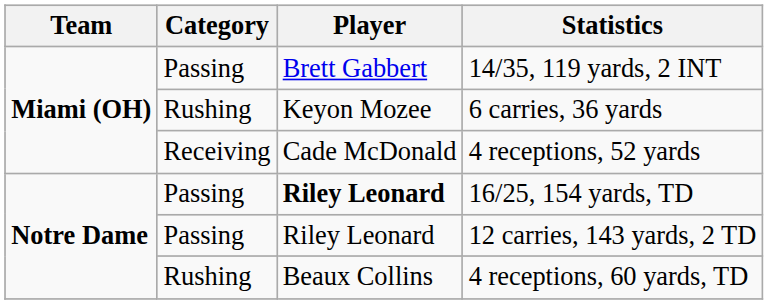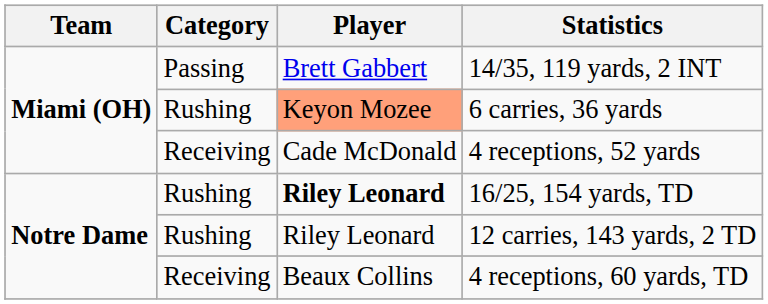 <table class="wikitable" style="float: right;">
 <tr>
 <th>Team</th>
 <th>Category</th>
 <th>Player</th>
 <th>Statistics</th>
 </tr>
 <tr>
 <td rowspan=3><strong>Miami (OH)</strong></td>
 <td>Passing</td>
 <td><a href='#'>Brett Gabbert</a></td>
 <td>14/35, 119 yards, 2 INT</td>
 </tr>
 <tr>
 <td>Rushing</td>
-<td>Keyon Mozee</td>
+<td style="background: lightsalmon;">Keyon Mozee</td>
 <td>6 carries, 36 yards</td>
 </tr>
 <tr>
 <td>Receiving</td>
 <td>Cade McDonald</td>
 <td>4 receptions, 52 yards</td>
 </tr>
 <tr>
 <td rowspan=3><strong>Notre Dame</strong></td>
-<td>Passing</td>
+<td>Rushing</td>
 <td><strong>Riley Leonard</strong></td>
 <td>16/25, 154 yards, TD</td>
 </tr>
 <tr>
-<td>Passing</td>
+<td>Rushing</td>
 <td>Riley Leonard</td>
 <td>12 carries, 143 yards, 2 TD</td>
 </tr>
 <tr>
-<td>Rushing</td>
+<td>Receiving</td>
 <td>Beaux Collins</td>
 <td>4 receptions, 60 yards, TD</td>
 </tr>
 </table>
